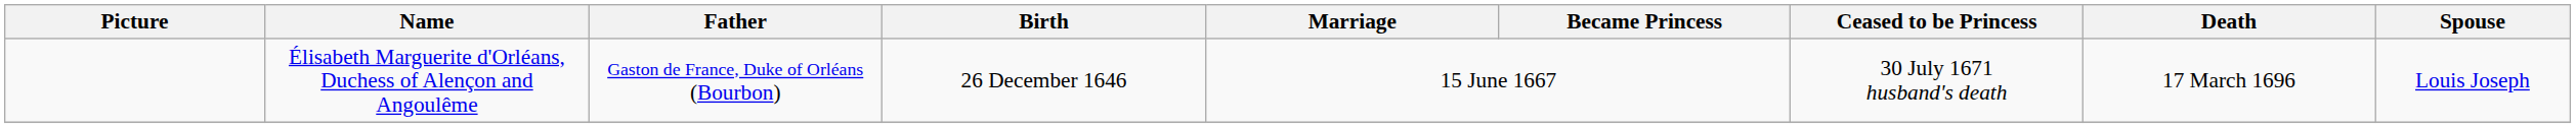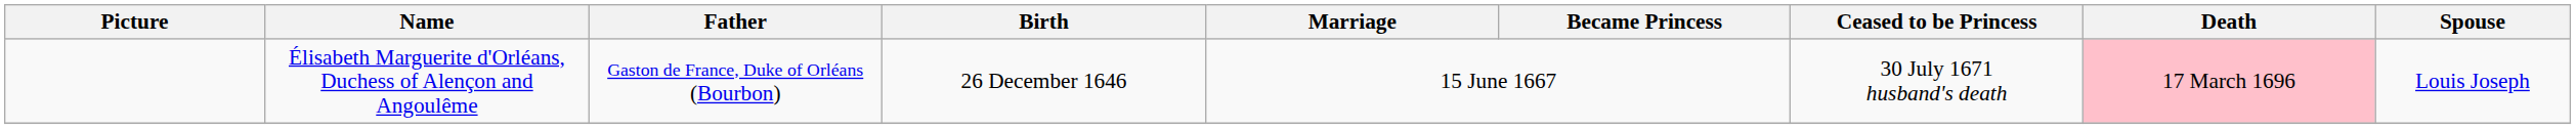 <table width=95% class="wikitable">
 <tr>
 <th width = "8%">Picture</th>
 <th width = "10%">Name</th>
 <th width = "9%">Father</th>
 <th width = "10%">Birth</th>
 <th width = "9%">Marriage</th>
 <th width = "9%">Became Princess</th>
 <th width = "9%">Ceased to be Princess</th>
 <th width = "9%">Death</th>
 <th width = "6%">Spouse</th>
 </tr>
 <tr>
 <td align="center"></td>
 <td align="center"><a href='#'>Élisabeth Marguerite d'Orléans, Duchess of Alençon and Angoulême</a></td>
 <td align="center"><small><a href='#'>Gaston de France, Duke of Orléans</a></small><br>(<a href='#'>Bourbon</a>)</td>
 <td align="center">26 December 1646</td>
 <td align="center" colspan="2">15 June 1667</td>
 <td align="center">30 July 1671<br><em>husband's death</em></td>
-<td align="center">17 March 1696</td>
+<td align="center" style="background: pink;">17 March 1696</td>
 <td align="center"><a href='#'>Louis Joseph</a></td>
 </tr>
 <tr>
 </tr>
 </table>
